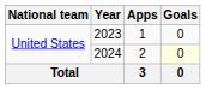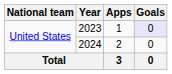 <table class="wikitable" style="text-align:center">
 <tr>
 <th>National team</th>
 <th>Year</th>
 <th>Apps</th>
 <th>Goals</th>
 </tr>
 <tr>
 <td rowspan="2"><a href='#'>United States</a></td>
 <td>2023</td>
 <td>1</td>
-<td>0</td>
+<td style="background: lavender;">0</td>
 </tr>
 <tr>
 <td>2024</td>
 <td>2</td>
-<td style="background: lightyellow;">0</td>
+<td>0</td>
 </tr>
 <tr>
 <th colspan="2">Total</th>
 <th>3</th>
 <th>0</th>
 </tr>
 </table>
